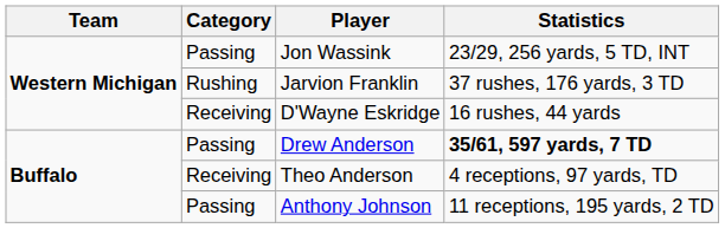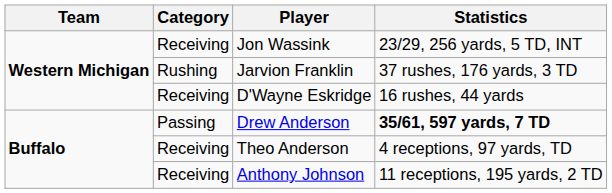 <table class="wikitable" style="float: right;">
 <tr>
 <th>Team</th>
 <th>Category</th>
 <th>Player</th>
 <th>Statistics</th>
 </tr>
 <tr>
 <td rowspan=3><strong>Western Michigan</strong></td>
-<td>Passing</td>
+<td>Receiving</td>
 <td>Jon Wassink</td>
 <td>23/29, 256 yards, 5 TD, INT</td>
 </tr>
 <tr>
 <td>Rushing</td>
 <td>Jarvion Franklin</td>
 <td>37 rushes, 176 yards, 3 TD</td>
 </tr>
 <tr>
 <td>Receiving</td>
 <td>D'Wayne Eskridge</td>
 <td>16 rushes, 44 yards</td>
 </tr>
 <tr>
 <td rowspan=3><strong>Buffalo</strong></td>
 <td>Passing</td>
 <td><a href='#'>Drew Anderson</a></td>
 <td><strong>35/61, 597 yards, 7 TD</strong></td>
 </tr>
 <tr>
 <td>Receiving</td>
 <td>Theo Anderson</td>
 <td>4 receptions, 97 yards, TD</td>
 </tr>
 <tr>
-<td>Passing</td>
+<td>Receiving</td>
 <td><a href='#'>Anthony Johnson</a></td>
 <td>11 receptions, 195 yards, 2 TD</td>
 </tr>
 </table>
